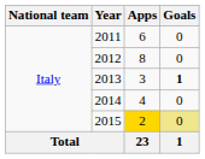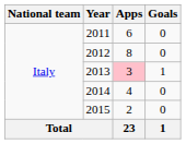 <table class="wikitable" style="text-align:center">
 <tr>
 <th>National team</th>
 <th>Year</th>
 <th>Apps</th>
 <th>Goals</th>
 </tr>
 <tr>
 <td rowspan="5"><a href='#'>Italy</a></td>
 <td>2011</td>
 <td>6</td>
 <td>0</td>
 </tr>
 <tr>
 <td>2012</td>
 <td>8</td>
 <td>0</td>
 </tr>
 <tr>
 <td>2013</td>
-<td>3</td>
-<td><strong>1</strong></td>
+<td style="background: pink;">3</td>
+<td>1</td>
 </tr>
 <tr>
 <td>2014</td>
 <td>4</td>
 <td>0</td>
 </tr>
 <tr>
 <td>2015</td>
-<td style="background: gold;">2</td>
-<td style="background: khaki;">0</td>
+<td>2</td>
+<td>0</td>
 </tr>
 <tr>
 <th colspan="2">Total</th>
 <th>23</th>
 <th>1</th>
 </tr>
 </table>
